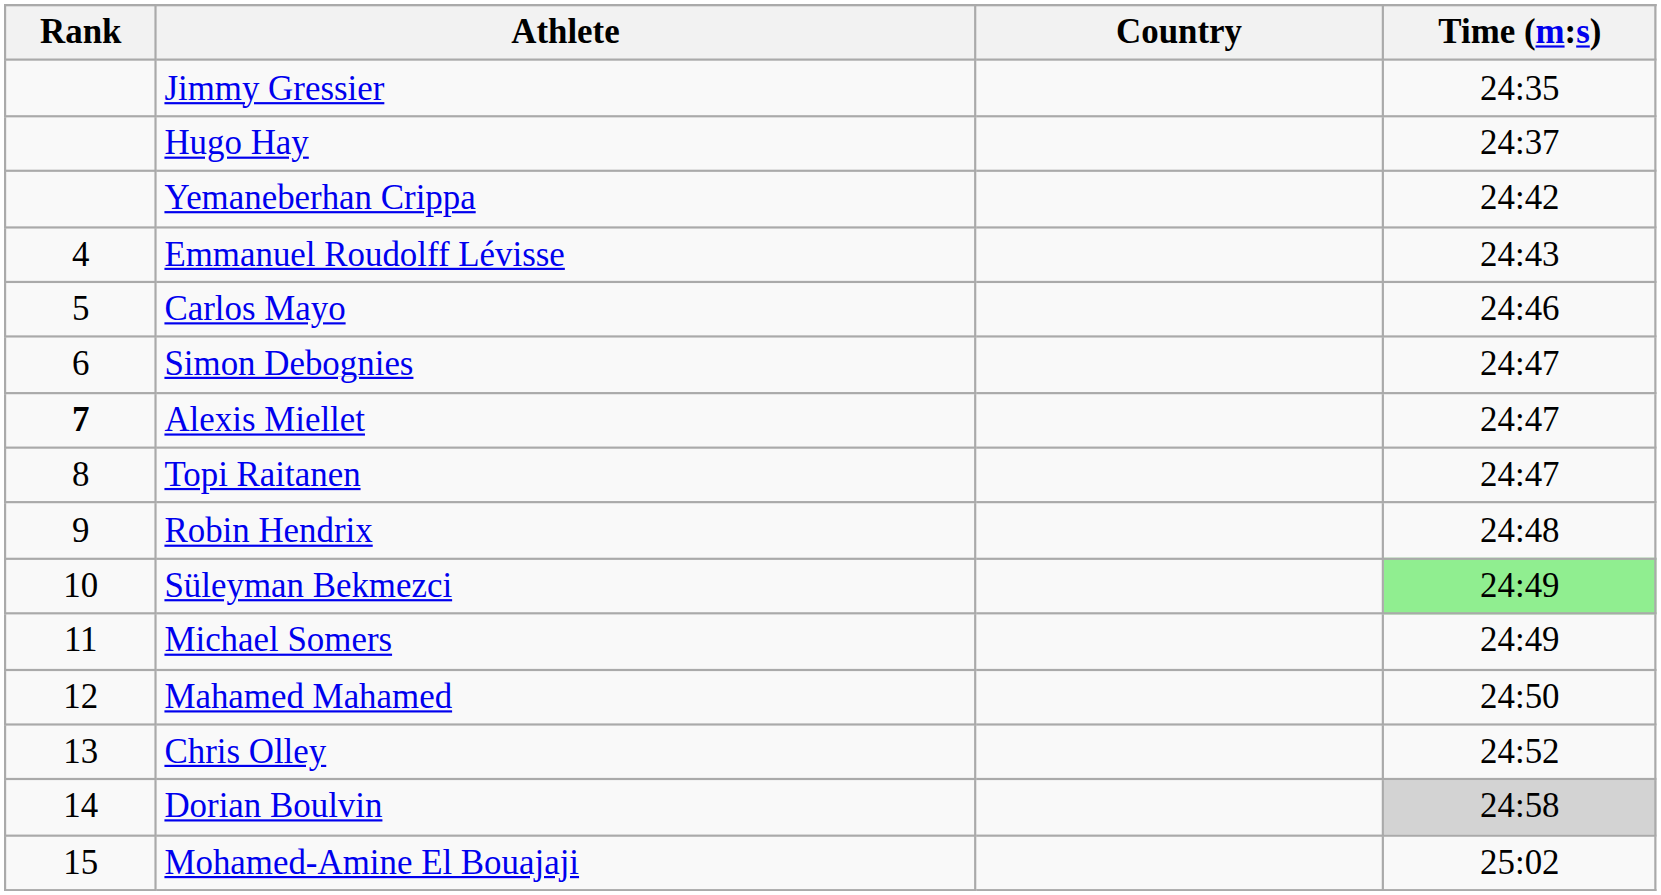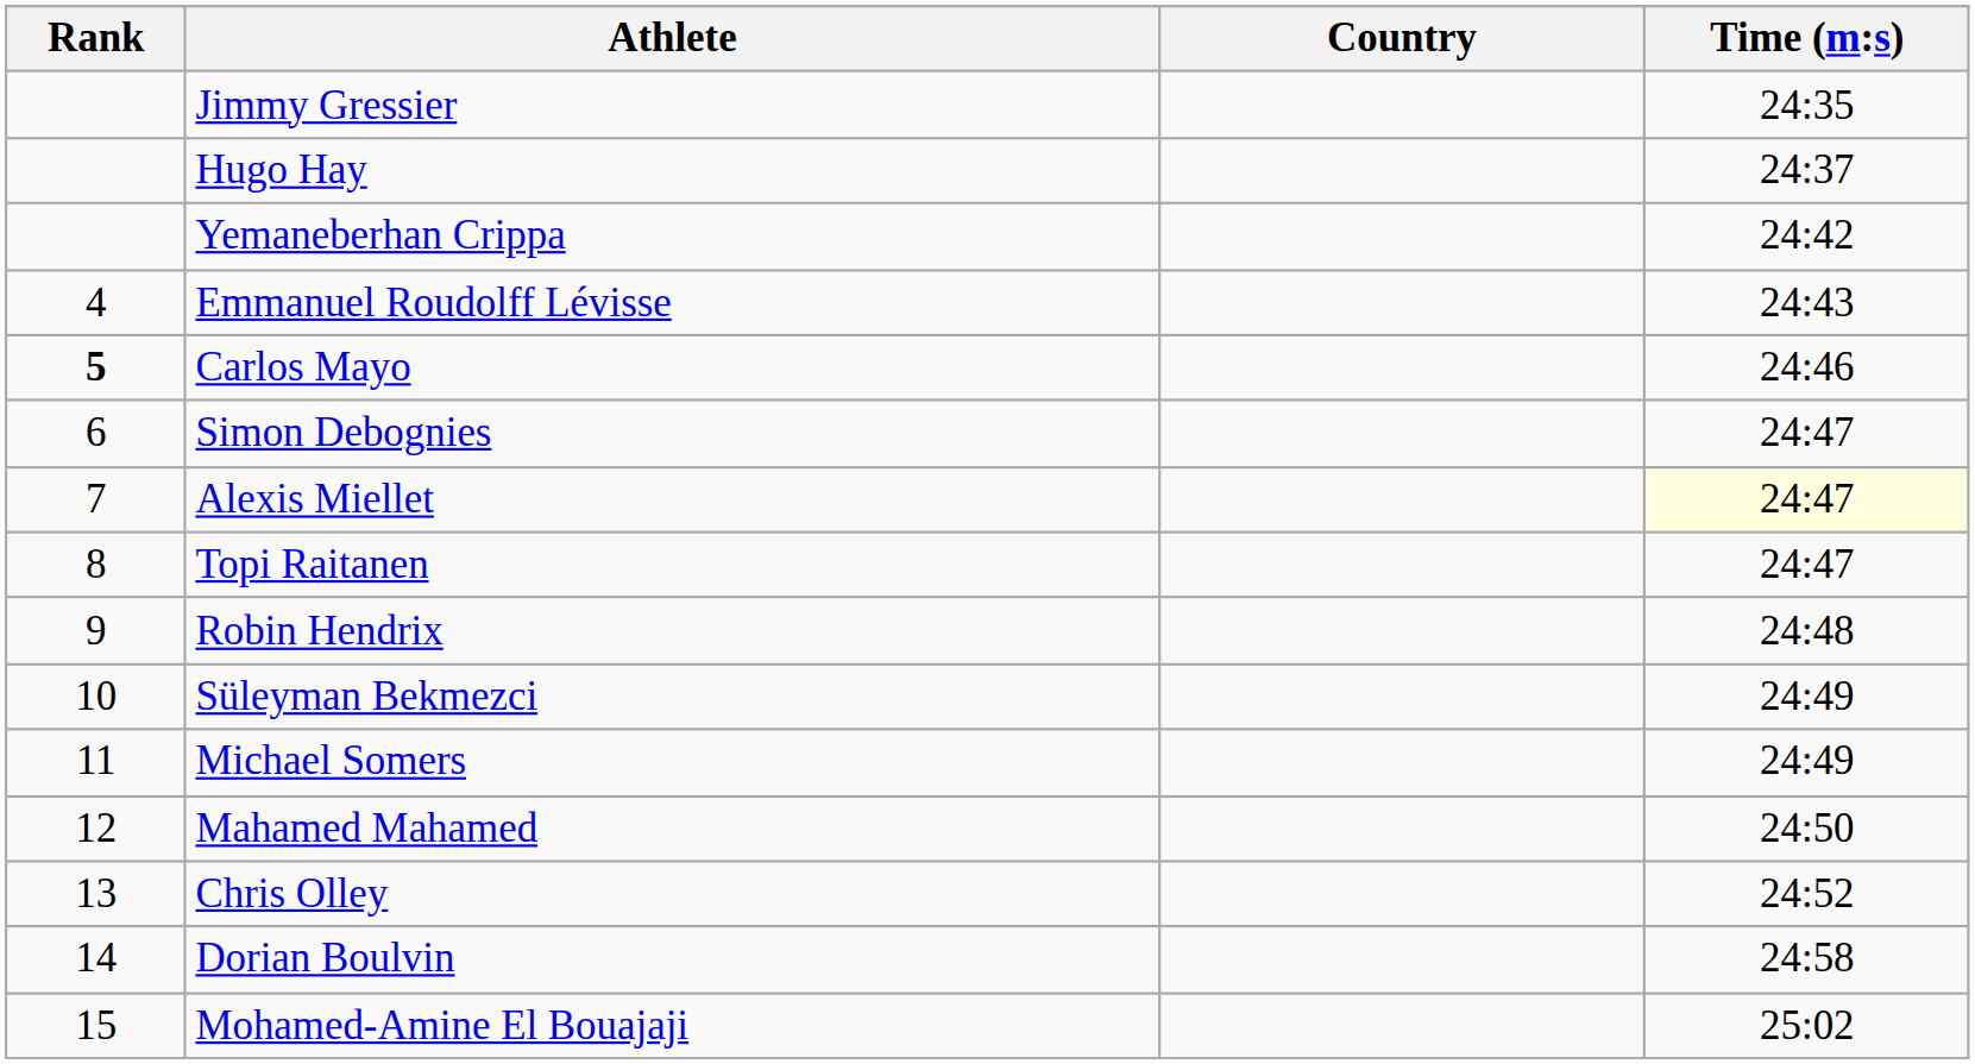 <table class="wikitable" style="text-align:center;" width="60%">
 <tr>
 </tr>
 <tr>
 <th width=5%>Rank</th>
 <th width=30%>Athlete</th>
 <th width=15%>Country</th>
 <th width=10%>Time (<a href='#'>m</a>:<a href='#'>s</a>)</th>
 </tr>
 <tr>
 <td></td>
 <td align=left><a href='#'>Jimmy Gressier</a></td>
 <td align=left></td>
 <td>24:35</td>
 </tr>
 <tr>
 <td></td>
 <td align=left><a href='#'>Hugo Hay</a></td>
 <td align=left></td>
 <td>24:37</td>
 </tr>
 <tr>
 <td></td>
 <td align=left><a href='#'>Yemaneberhan Crippa</a></td>
 <td align=left></td>
 <td>24:42</td>
 </tr>
 <tr>
 <td>4</td>
 <td align=left><a href='#'>Emmanuel Roudolff Lévisse</a></td>
 <td align=left></td>
 <td>24:43</td>
 </tr>
 <tr>
-<td>5</td>
+<td><strong>5</strong></td>
 <td align=left><a href='#'>Carlos Mayo</a></td>
 <td align=left></td>
 <td>24:46</td>
 </tr>
 <tr>
 <td>6</td>
 <td align=left><a href='#'>Simon Debognies</a></td>
 <td align=left></td>
 <td>24:47</td>
 </tr>
 <tr>
-<td><strong>7</strong></td>
+<td>7</td>
 <td align=left><a href='#'>Alexis Miellet</a></td>
 <td align=left></td>
-<td>24:47</td>
+<td style="background: lightyellow;">24:47</td>
 </tr>
 <tr>
 <td>8</td>
 <td align=left><a href='#'>Topi Raitanen</a></td>
 <td align=left></td>
 <td>24:47</td>
 </tr>
 <tr>
 <td>9</td>
 <td align=left><a href='#'>Robin Hendrix</a></td>
 <td align=left></td>
 <td>24:48</td>
 </tr>
 <tr>
 <td>10</td>
 <td align=left><a href='#'>Süleyman Bekmezci</a></td>
 <td align=left></td>
-<td style="background: lightgreen;">24:49</td>
+<td>24:49</td>
 </tr>
 <tr>
 <td>11</td>
 <td align=left><a href='#'>Michael Somers</a></td>
 <td align=left></td>
 <td>24:49</td>
 </tr>
 <tr>
 <td>12</td>
 <td align=left><a href='#'>Mahamed Mahamed</a></td>
 <td align=left></td>
 <td>24:50</td>
 </tr>
 <tr>
 <td>13</td>
 <td align=left><a href='#'>Chris Olley</a></td>
 <td align=left></td>
 <td>24:52</td>
 </tr>
 <tr>
 <td>14</td>
 <td align=left><a href='#'>Dorian Boulvin</a></td>
 <td align=left></td>
-<td style="background: lightgrey;">24:58</td>
+<td>24:58</td>
 </tr>
 <tr>
 <td>15</td>
 <td align=left><a href='#'>Mohamed-Amine El Bouajaji</a></td>
 <td align=left></td>
 <td>25:02</td>
 </tr>
 </table>
